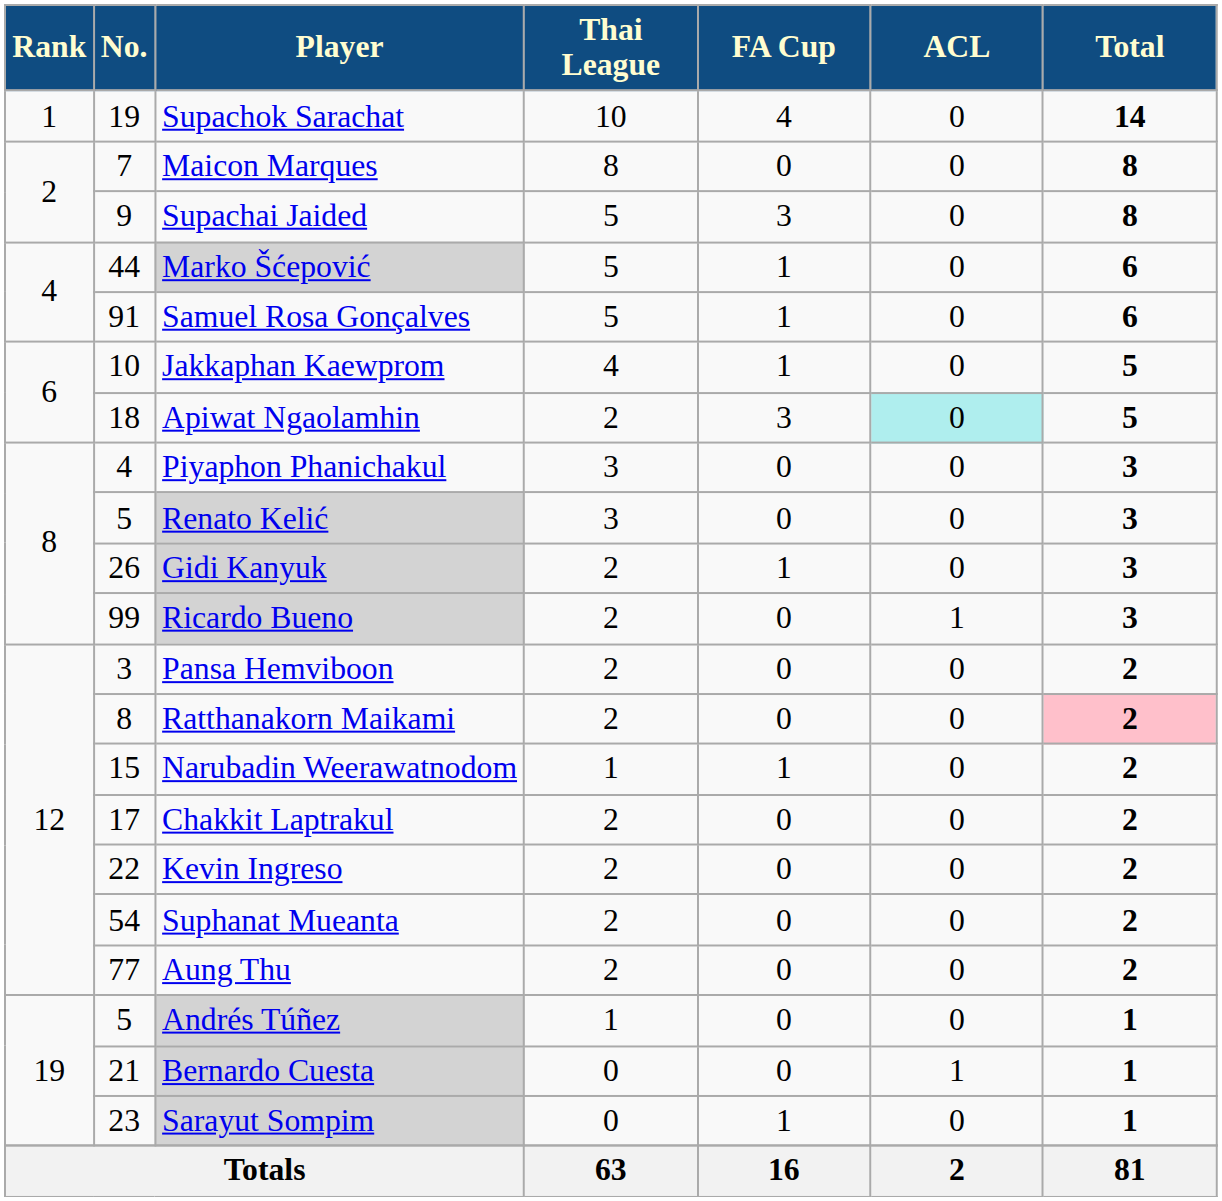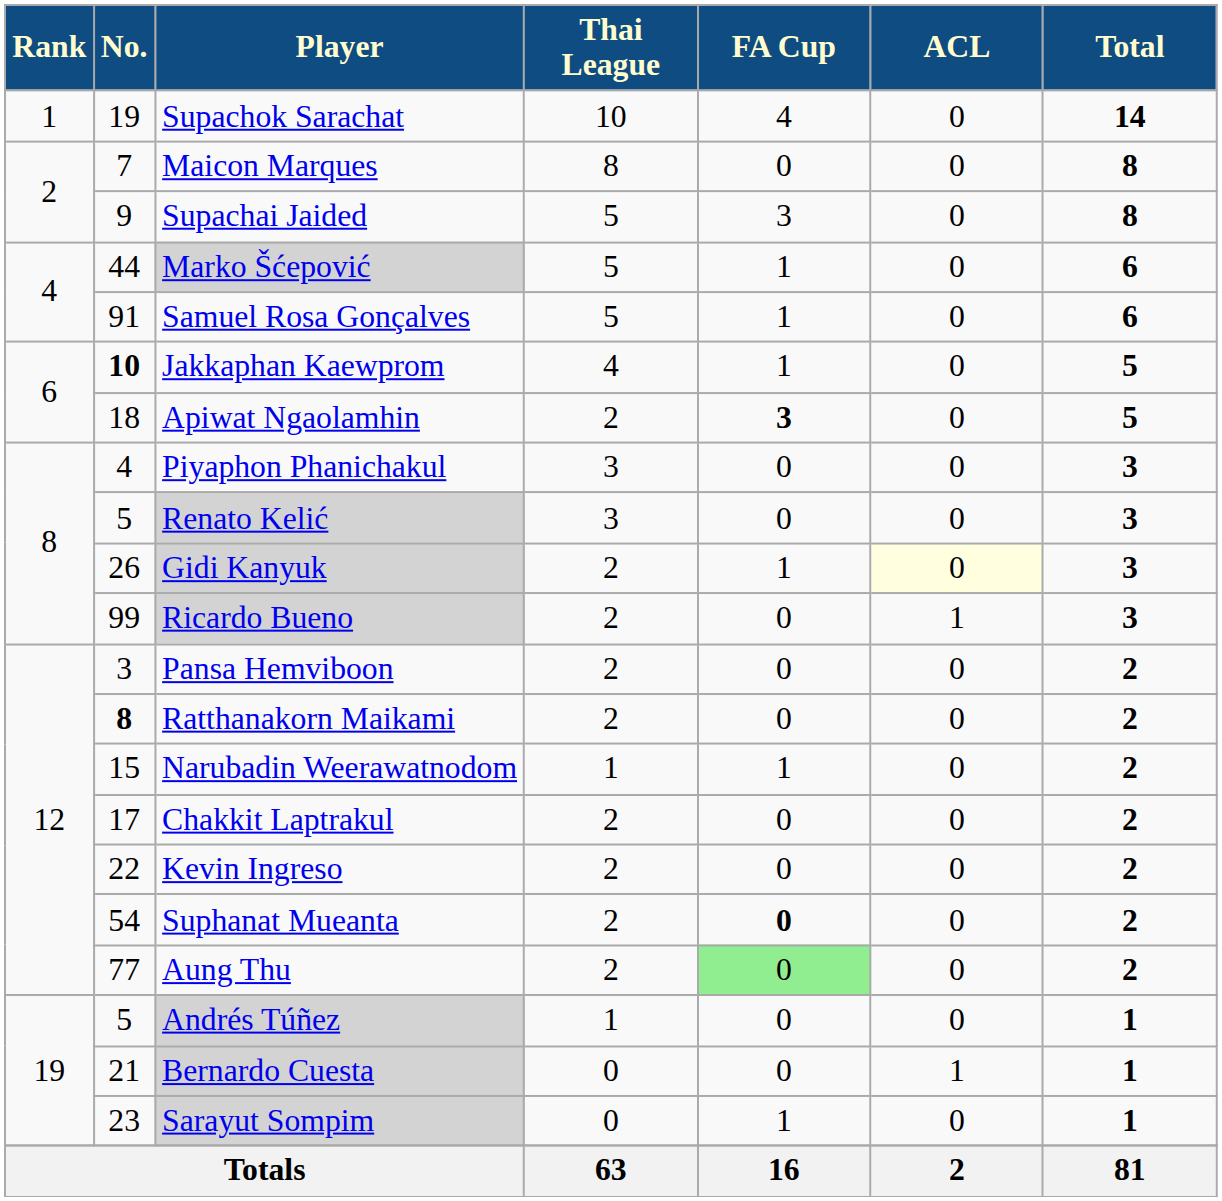 <table class="wikitable sortable alternance" style="text-align: center">
 <tr>
 <th style="background:#0F4C81; color:#FFFDD0; text-align:center;">Rank</th>
 <th style="background:#0F4C81; color:#FFFDD0; text-align:center;">No.</th>
 <th style="background:#0F4C81; color:#FFFDD0; text-align:center;">Player</th>
 <th width=80 style="background:#0F4C81; color:#FFFDD0; text-align:center;">Thai League</th>
 <th width=80 style="background:#0F4C81; color:#FFFDD0; text-align:center;">FA Cup</th>
 <th width=80 style="background:#0F4C81; color:#FFFDD0; text-align:center;">ACL</th>
 <th width=80 style="background:#0F4C81; color:#FFFDD0; text-align:center;">Total</th>
 </tr>
 <tr>
 <td>1</td>
 <td>19</td>
 <td align="left"> <a href='#'>Supachok Sarachat</a></td>
 <td>10</td>
 <td>4</td>
 <td>0</td>
 <td><strong>14</strong></td>
 </tr>
 <tr>
 <td rowspan=2>2</td>
 <td>7</td>
 <td align="left"> <a href='#'>Maicon Marques</a></td>
 <td>8</td>
 <td>0</td>
 <td>0</td>
 <td><strong>8</strong></td>
 </tr>
 <tr>
 <td>9</td>
 <td align="left"> <a href='#'>Supachai Jaided</a></td>
 <td>5</td>
 <td>3</td>
 <td>0</td>
 <td><strong>8</strong></td>
 </tr>
 <tr>
 <td rowspan=2>4</td>
 <td>44</td>
 <td align="left" bgcolor=lightgrey> <a href='#'>Marko Šćepović</a></td>
 <td>5</td>
 <td>1</td>
 <td>0</td>
 <td><strong>6</strong></td>
 </tr>
 <tr>
 <td>91</td>
 <td align="left"> <a href='#'>Samuel Rosa Gonçalves</a></td>
 <td>5</td>
 <td>1</td>
 <td>0</td>
 <td><strong>6</strong></td>
 </tr>
 <tr>
 <td rowspan=2>6</td>
-<td>10</td>
+<td><strong>10</strong></td>
 <td align="left"> <a href='#'>Jakkaphan Kaewprom</a></td>
 <td>4</td>
 <td>1</td>
 <td>0</td>
 <td><strong>5</strong></td>
 </tr>
 <tr>
 <td>18</td>
 <td align="left"> <a href='#'>Apiwat Ngaolamhin</a></td>
 <td>2</td>
-<td>3</td>
-<td style="background: paleturquoise;">0</td>
+<td><strong>3</strong></td>
+<td>0</td>
 <td><strong>5</strong></td>
 </tr>
 <tr>
 <td rowspan=4>8</td>
 <td>4</td>
 <td align="left"> <a href='#'>Piyaphon Phanichakul</a></td>
 <td>3</td>
 <td>0</td>
 <td>0</td>
 <td><strong>3</strong></td>
 </tr>
 <tr>
 <td>5</td>
 <td align="left" bgcolor=lightgrey> <a href='#'>Renato Kelić</a></td>
 <td>3</td>
 <td>0</td>
 <td>0</td>
 <td><strong>3</strong></td>
 </tr>
 <tr>
 <td>26</td>
 <td align="left" bgcolor=lightgrey> <a href='#'>Gidi Kanyuk</a></td>
 <td>2</td>
 <td>1</td>
-<td>0</td>
+<td style="background: lightyellow;">0</td>
 <td><strong>3</strong></td>
 </tr>
 <tr>
 <td>99</td>
 <td align="left" bgcolor=lightgrey> <a href='#'>Ricardo Bueno</a></td>
 <td>2</td>
 <td>0</td>
 <td>1</td>
 <td><strong>3</strong></td>
 </tr>
 <tr>
 <td rowspan=7>12</td>
 <td>3</td>
 <td align="left"> <a href='#'>Pansa Hemviboon</a></td>
 <td>2</td>
 <td>0</td>
 <td>0</td>
 <td><strong>2</strong></td>
 </tr>
 <tr>
-<td>8</td>
+<td><strong>8</strong></td>
 <td align="left"> <a href='#'>Ratthanakorn Maikami</a></td>
 <td>2</td>
 <td>0</td>
 <td>0</td>
-<td style="background: pink;"><strong>2</strong></td>
+<td><strong>2</strong></td>
 </tr>
 <tr>
 <td>15</td>
 <td align="left"> <a href='#'>Narubadin Weerawatnodom</a></td>
 <td>1</td>
 <td>1</td>
 <td>0</td>
 <td><strong>2</strong></td>
 </tr>
 <tr>
 <td>17</td>
 <td align="left"> <a href='#'>Chakkit Laptrakul</a></td>
 <td>2</td>
 <td>0</td>
 <td>0</td>
 <td><strong>2</strong></td>
 </tr>
 <tr>
 <td>22</td>
 <td align="left"> <a href='#'>Kevin Ingreso</a></td>
 <td>2</td>
 <td>0</td>
 <td>0</td>
 <td><strong>2</strong></td>
 </tr>
 <tr>
 <td>54</td>
 <td align="left"> <a href='#'>Suphanat Mueanta</a></td>
 <td>2</td>
-<td>0</td>
+<td><strong>0</strong></td>
 <td>0</td>
 <td><strong>2</strong></td>
 </tr>
 <tr>
 <td>77</td>
 <td align="left"> <a href='#'>Aung Thu</a></td>
 <td>2</td>
-<td>0</td>
+<td style="background: lightgreen;">0</td>
 <td>0</td>
 <td><strong>2</strong></td>
 </tr>
 <tr>
 <td rowspan=3>19</td>
 <td>5</td>
 <td align="left" bgcolor=lightgrey> <a href='#'>Andrés Túñez</a></td>
 <td>1</td>
 <td>0</td>
 <td>0</td>
 <td><strong>1</strong></td>
 </tr>
 <tr>
 <td>21</td>
 <td align="left" bgcolor=lightgrey> <a href='#'>Bernardo Cuesta</a></td>
 <td>0</td>
 <td>0</td>
 <td>1</td>
 <td><strong>1</strong></td>
 </tr>
 <tr>
 <td>23</td>
 <td align="left" bgcolor=lightgrey> <a href='#'>Sarayut Sompim</a></td>
 <td>0</td>
 <td>1</td>
 <td>0</td>
 <td><strong>1</strong></td>
 </tr>
 <tr>
 </tr>
 <tr class="sortbottom">
 <th colspan="3">Totals</th>
 <th>63</th>
 <th>16</th>
 <th>2</th>
 <th>81</th>
 </tr>
 </table>
